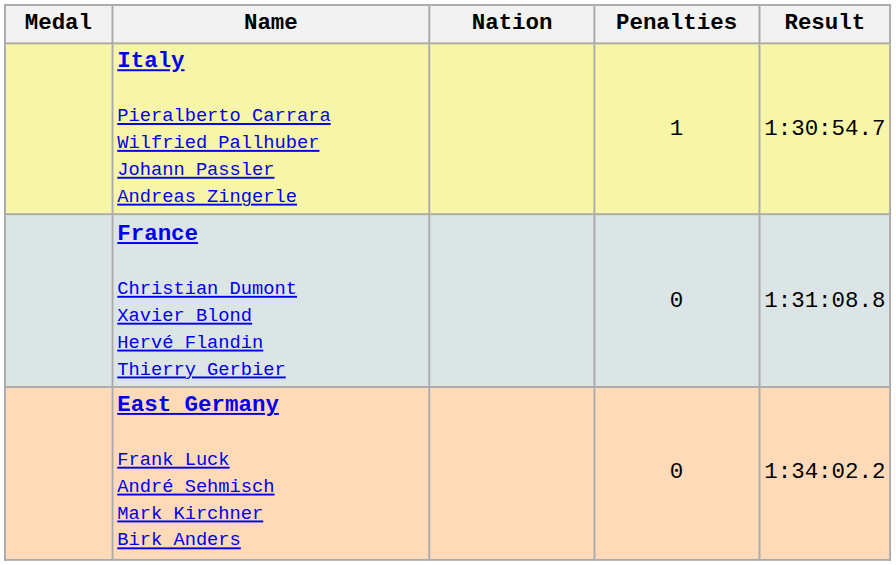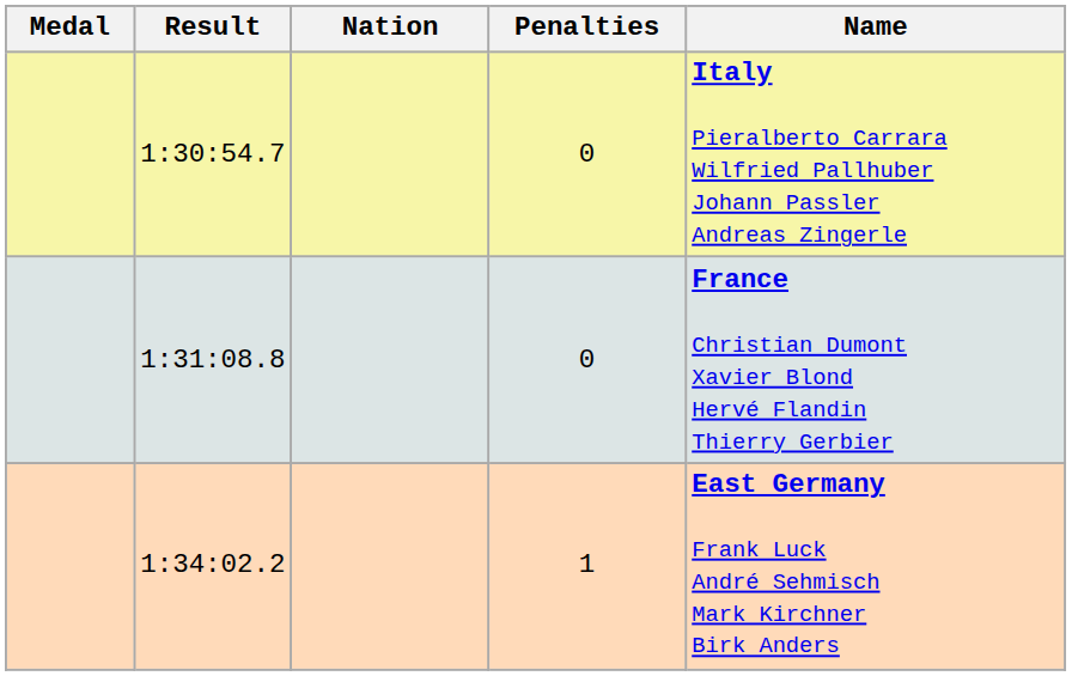 <table class=wikitable style="border:1px solid #AAAAAA;font-size:90%">
 <tr bgcolor="#E4E4E4">
 <th style="border-bottom:1px solid #AAAAAA" width=50>Medal</th>
-<th style="border-bottom:1px solid #AAAAAA" width=160>Name</th>
+<th style="border-bottom:1px solid #AAAAAA" width=60>Result</th>
 <th style="border-bottom:1px solid #AAAAAA" width=80>Nation</th>
 <th style="border-bottom:1px solid #AAAAAA" width=80>Penalties</th>
-<th style="border-bottom:1px solid #AAAAAA" width=60>Result</th>
+<th style="border-bottom:1px solid #AAAAAA" width=160>Name</th>
 </tr>
 <tr bgcolor="#F7F6A8">
 <td align="center"></td>
+<td align="center">1:30:54.7</td>
+<td></td>
+<td align="center">0</td>
 <td><strong><a href='#'>Italy</a></strong><br><br><small><a href='#'>Pieralberto Carrara</a><br><a href='#'>Wilfried Pallhuber</a><br><a href='#'>Johann Passler</a><br><a href='#'>Andreas Zingerle</a></small></td>
-<td></td>
-<td align="center">1</td>
-<td align="center">1:30:54.7</td>
 </tr>
 <tr bgcolor="#DCE5E5">
 <td align="center"></td>
-<td><strong><a href='#'>France</a></strong><br><br><small><a href='#'>Christian Dumont</a><br><a href='#'>Xavier Blond</a><br><a href='#'>Hervé Flandin</a><br><a href='#'>Thierry Gerbier</a></small></td>
+<td align="right">1:31:08.8</td>
 <td></td>
 <td align="center">0</td>
-<td align="right">1:31:08.8</td>
+<td><strong><a href='#'>France</a></strong><br><br><small><a href='#'>Christian Dumont</a><br><a href='#'>Xavier Blond</a><br><a href='#'>Hervé Flandin</a><br><a href='#'>Thierry Gerbier</a></small></td>
 </tr>
 <tr bgcolor="#FFDAB9">
 <td align="center"></td>
+<td align="right">1:34:02.2</td>
+<td></td>
+<td align="center">1</td>
 <td><strong><a href='#'>East Germany</a></strong><br><br><small><a href='#'>Frank Luck</a><br><a href='#'>André Sehmisch</a><br><a href='#'>Mark Kirchner</a><br><a href='#'>Birk Anders</a></small></td>
-<td></td>
-<td align="center">0</td>
-<td align="right">1:34:02.2</td>
 </tr>
 </table>
